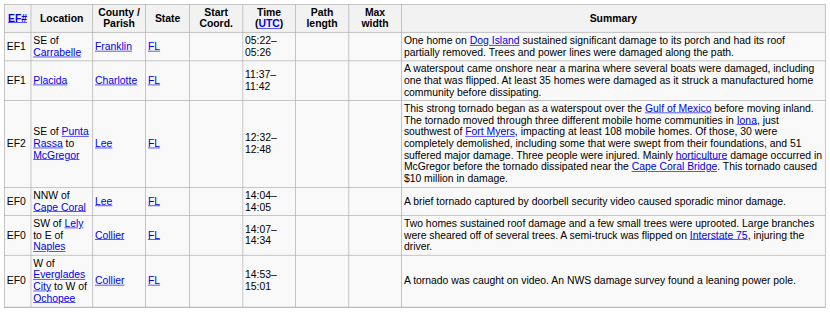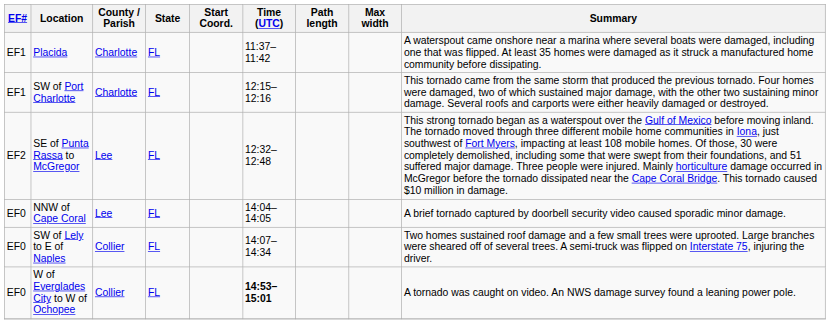 <table class="wikitable sortable" style="width:100%;">
 <tr>
 <th scope="col"  style="width:3%; text-align:center;"><a href='#'>EF#</a></th>
 <th scope="col"  style="width:7%; text-align:center;" class="unsortable">Location</th>
 <th scope="col"  style="width:6%; text-align:center;" class="unsortable">County / Parish</th>
 <th scope="col"  style="width:5%; text-align:center;">State</th>
 <th scope="col"  style="width:6%; text-align:center;">Start Coord.</th>
 <th scope="col"  style="width:6%; text-align:center;">Time (<a href='#'>UTC</a>)</th>
 <th scope="col"  style="width:6%; text-align:center;">Path length</th>
 <th scope="col"  style="width:6%; text-align:center;">Max width</th>
 <th scope="col" class="unsortable" style="width:48%; text-align:center;">Summary</th>
 </tr>
 <tr>
 <td>EF1</td>
-<td>SE of <a href='#'>Carrabelle</a></td>
-<td><a href='#'>Franklin</a></td>
-<td><a href='#'>FL</a></td>
-<td></td>
-<td>05:22–05:26</td>
-<td></td>
-<td></td>
-<td>One home on <a href='#'>Dog Island</a> sustained significant damage to its porch and had its roof partially removed. Trees and power lines were damaged along the path.</td>
-</tr>
-<tr>
-<td>EF1</td>
 <td><a href='#'>Placida</a></td>
 <td><a href='#'>Charlotte</a></td>
 <td><a href='#'>FL</a></td>
 <td></td>
 <td>11:37–11:42</td>
 <td></td>
 <td></td>
 <td>A waterspout came onshore near a marina where several boats were damaged, including one that was flipped. At least 35 homes were damaged as it struck a manufactured home community before dissipating.</td>
+</tr>
+<tr>
+<td>EF1</td>
+<td>SW of <a href='#'>Port Charlotte</a></td>
+<td><a href='#'>Charlotte</a></td>
+<td><a href='#'>FL</a></td>
+<td></td>
+<td>12:15–12:16</td>
+<td></td>
+<td></td>
+<td>This tornado came from the same storm that produced the previous tornado. Four homes were damaged, two of which sustained major damage, with the other two sustaining minor damage. Several roofs and carports were either heavily damaged or destroyed.</td>
 </tr>
 <tr>
 <td>EF2</td>
 <td>SE of <a href='#'>Punta Rassa</a> to <a href='#'>McGregor</a></td>
 <td><a href='#'>Lee</a></td>
 <td><a href='#'>FL</a></td>
 <td></td>
 <td>12:32–12:48</td>
 <td></td>
 <td></td>
 <td>This strong tornado began as a waterspout over the <a href='#'>Gulf of Mexico</a> before moving inland. The tornado moved through three different mobile home communities in <a href='#'>Iona</a>, just southwest of <a href='#'>Fort Myers</a>, impacting at least 108 mobile homes. Of those, 30 were completely demolished, including some that were swept from their foundations, and 51 suffered major damage. Three people were injured. Mainly <a href='#'>horticulture</a> damage occurred in McGregor before the tornado dissipated near the <a href='#'>Cape Coral Bridge</a>. This tornado caused $10 million in damage.</td>
 </tr>
 <tr>
 <td>EF0</td>
 <td>NNW of <a href='#'>Cape Coral</a></td>
 <td><a href='#'>Lee</a></td>
 <td><a href='#'>FL</a></td>
 <td></td>
 <td>14:04–14:05</td>
 <td></td>
 <td></td>
 <td>A brief tornado captured by doorbell security video caused sporadic minor damage.</td>
 </tr>
 <tr>
 <td>EF0</td>
 <td>SW of <a href='#'>Lely</a> to E of <a href='#'>Naples</a></td>
 <td><a href='#'>Collier</a></td>
 <td><a href='#'>FL</a></td>
 <td></td>
 <td>14:07–14:34</td>
 <td></td>
 <td></td>
 <td>Two homes sustained roof damage and a few small trees were uprooted. Large branches were sheared off of several trees. A semi-truck was flipped on <a href='#'>Interstate 75</a>, injuring the driver.</td>
 </tr>
 <tr>
 <td>EF0</td>
 <td>W of <a href='#'>Everglades City</a> to W of <a href='#'>Ochopee</a></td>
 <td><a href='#'>Collier</a></td>
 <td><a href='#'>FL</a></td>
 <td></td>
-<td>14:53–15:01</td>
+<td><strong>14:53–15:01</strong></td>
 <td></td>
 <td></td>
 <td>A tornado was caught on video. An NWS damage survey found a leaning power pole.</td>
 </tr>
 <tr>
 </tr>
 </table>
